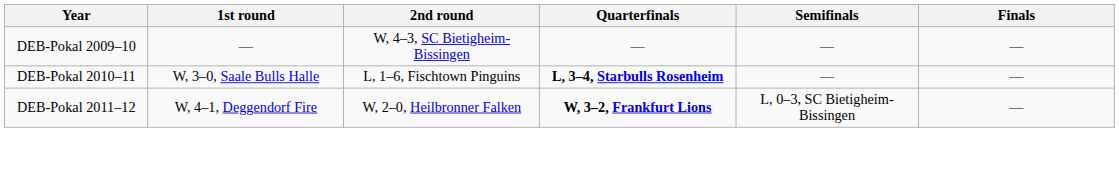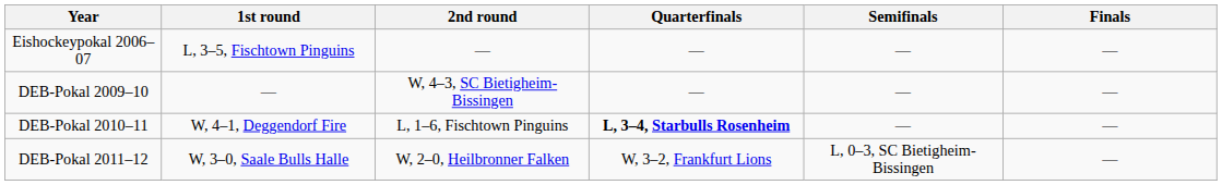 <table class="wikitable" style="text-align: center;" style="margin: 1em 1em 1em 0; background: #f9f9f9; border: 1px #aaa solid; border-collapse: collapse; width=85%">
 <tr>
 <th width=11%>Year</th>
 <th width=15%>1st round</th>
 <th width=15%>2nd round</th>
 <th width=15%>Quarterfinals</th>
 <th width=14%>Semifinals</th>
 <th width=15%>Finals</th>
+</tr>
+<tr>
+<td>Eishockeypokal 2006–07</td>
+<td>L, 3–5, <a href='#'>Fischtown Pinguins</a></td>
+<td>—</td>
+<td>—</td>
+<td>—</td>
+<td>—</td>
 </tr>
 <tr>
 <td>DEB-Pokal 2009–10</td>
 <td>—</td>
 <td>W, 4–3, <a href='#'>SC Bietigheim-Bissingen</a></td>
 <td>—</td>
 <td>—</td>
 <td>—</td>
 </tr>
 <tr>
 <td>DEB-Pokal 2010–11</td>
-<td>W, 3–0, <a href='#'>Saale Bulls Halle</a></td>
+<td>W, 4–1, <a href='#'>Deggendorf Fire</a></td>
 <td>L, 1–6, Fischtown Pinguins</td>
 <td><strong>L, 3–4, <a href='#'>Starbulls Rosenheim</a></strong></td>
 <td>—</td>
 <td>—</td>
 </tr>
 <tr>
 <td>DEB-Pokal 2011–12</td>
-<td>W, 4–1, <a href='#'>Deggendorf Fire</a></td>
+<td>W, 3–0, <a href='#'>Saale Bulls Halle</a></td>
 <td>W, 2–0, <a href='#'>Heilbronner Falken</a></td>
-<td><strong>W, 3–2, <a href='#'>Frankfurt Lions</a></strong></td>
+<td>W, 3–2, <a href='#'>Frankfurt Lions</a></td>
 <td>L, 0–3, SC Bietigheim-Bissingen</td>
 <td>—</td>
 </tr>
 </table>
